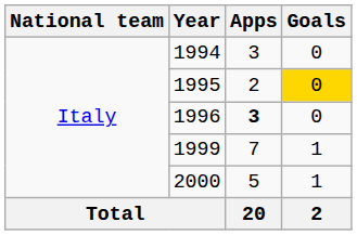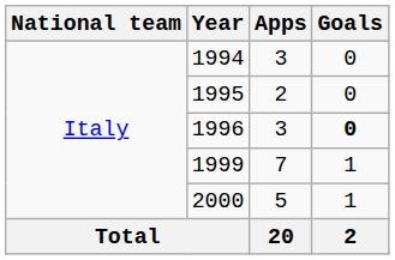 <table class="wikitable" style="text-align:center">
 <tr>
 <th>National team</th>
 <th>Year</th>
 <th>Apps</th>
 <th>Goals</th>
 </tr>
 <tr>
 <td rowspan=5><a href='#'>Italy</a></td>
 <td>1994</td>
 <td>3</td>
 <td>0</td>
 </tr>
 <tr>
 <td>1995</td>
 <td>2</td>
-<td style="background: gold;">0</td>
+<td>0</td>
 </tr>
 <tr>
 <td>1996</td>
-<td><strong>3</strong></td>
-<td>0</td>
+<td>3</td>
+<td><strong>0</strong></td>
 </tr>
 <tr>
 <td>1999</td>
 <td>7</td>
 <td>1</td>
 </tr>
 <tr>
 <td>2000</td>
 <td>5</td>
 <td>1</td>
 </tr>
 <tr>
 <th colspan=2>Total</th>
 <th>20</th>
 <th>2</th>
 </tr>
 </table>
